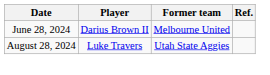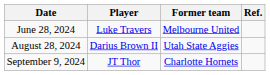 <table class="wikitable sortable sortable" style="text-align: center">
 <tr>
 <th>Date</th>
 <th>Player</th>
 <th>Former team</th>
 <th>Ref.</th>
 </tr>
 <tr>
 <td>June 28, 2024</td>
-<td><a href='#'>Darius Brown II</a></td>
+<td><a href='#'>Luke Travers</a></td>
 <td> <a href='#'>Melbourne United</a></td>
 <td></td>
 </tr>
 <tr>
 <td>August 28, 2024</td>
-<td><a href='#'>Luke Travers</a></td>
+<td><a href='#'>Darius Brown II</a></td>
 <td><a href='#'>Utah State Aggies</a></td>
 <td></td>
 </tr>
+<tr>
+<td>September 9, 2024</td>
+<td><a href='#'>JT Thor</a></td>
+<td><a href='#'>Charlotte Hornets</a></td>
+<td></td>
+</tr>
 </table>
